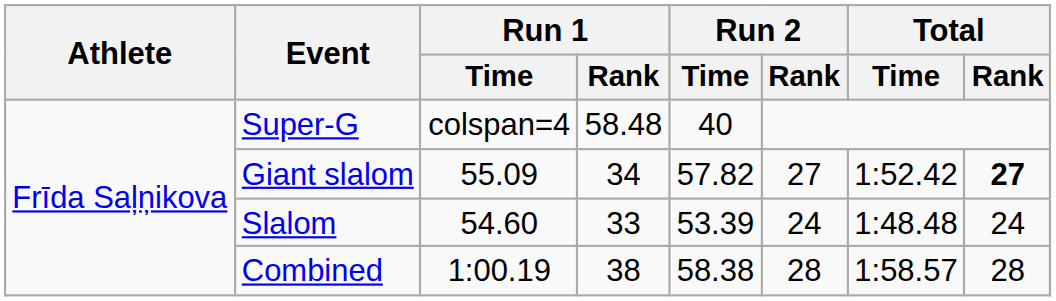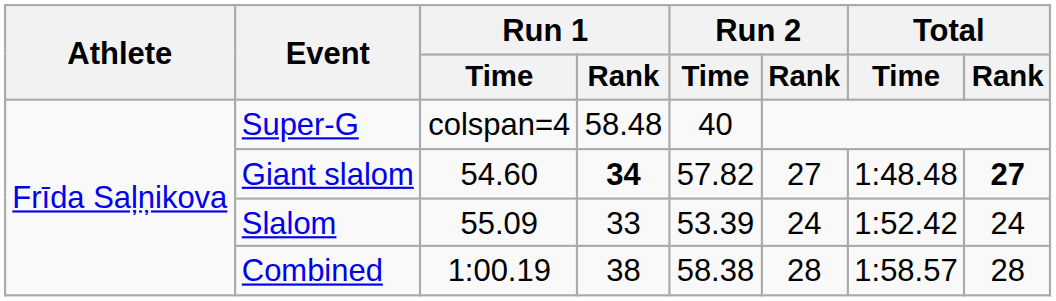 <table class="wikitable" style="font-size:90%">
 <tr>
 <th rowspan=2>Athlete</th>
 <th rowspan=2>Event</th>
 <th colspan=2>Run 1</th>
 <th colspan=2>Run 2</th>
 <th colspan=2>Total</th>
 </tr>
 <tr style="font-size:95%">
 <th>Time</th>
 <th>Rank</th>
 <th>Time</th>
 <th>Rank</th>
 <th>Time</th>
 <th>Rank</th>
 </tr>
 <tr align=center>
 <td align="left" rowspan="4"><a href='#'>Frīda Saļņikova</a></td>
 <td align="left"><a href='#'>Super-G</a></td>
 <td>colspan=4</td>
 <td>58.48</td>
 <td>40</td>
 </tr>
 <tr align=center>
 <td align="left"><a href='#'>Giant slalom</a></td>
-<td>55.09</td>
-<td>34</td>
+<td>54.60</td>
+<td><strong>34</strong></td>
 <td>57.82</td>
 <td>27</td>
-<td>1:52.42</td>
+<td>1:48.48</td>
 <td><strong>27</strong></td>
 </tr>
 <tr align=center>
 <td align="left"><a href='#'>Slalom</a></td>
-<td>54.60</td>
+<td>55.09</td>
 <td>33</td>
 <td>53.39</td>
 <td>24</td>
-<td>1:48.48</td>
+<td>1:52.42</td>
 <td>24</td>
 </tr>
 <tr align=center>
 <td align="left"><a href='#'>Combined</a></td>
 <td>1:00.19</td>
 <td>38</td>
 <td>58.38</td>
 <td>28</td>
 <td>1:58.57</td>
 <td>28</td>
 </tr>
 </table>
